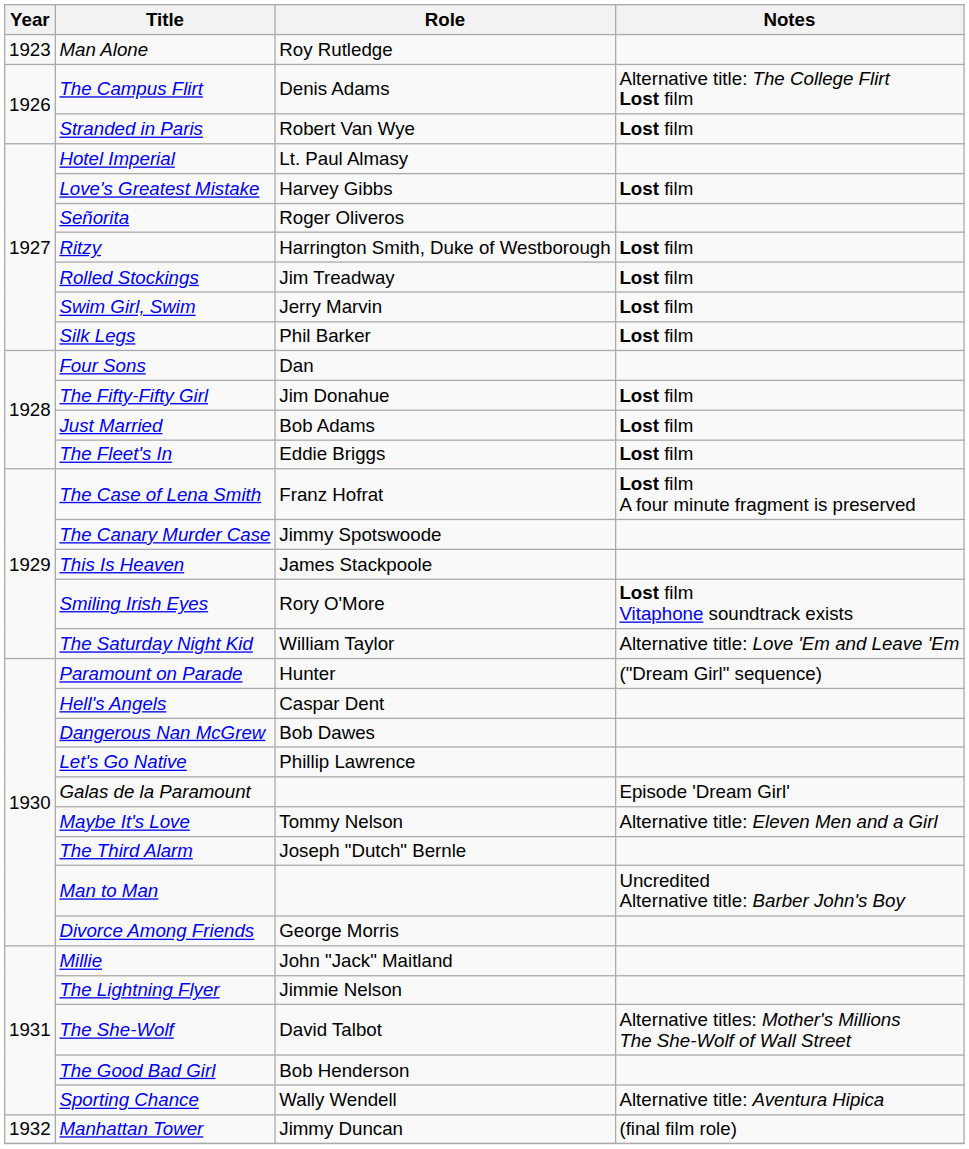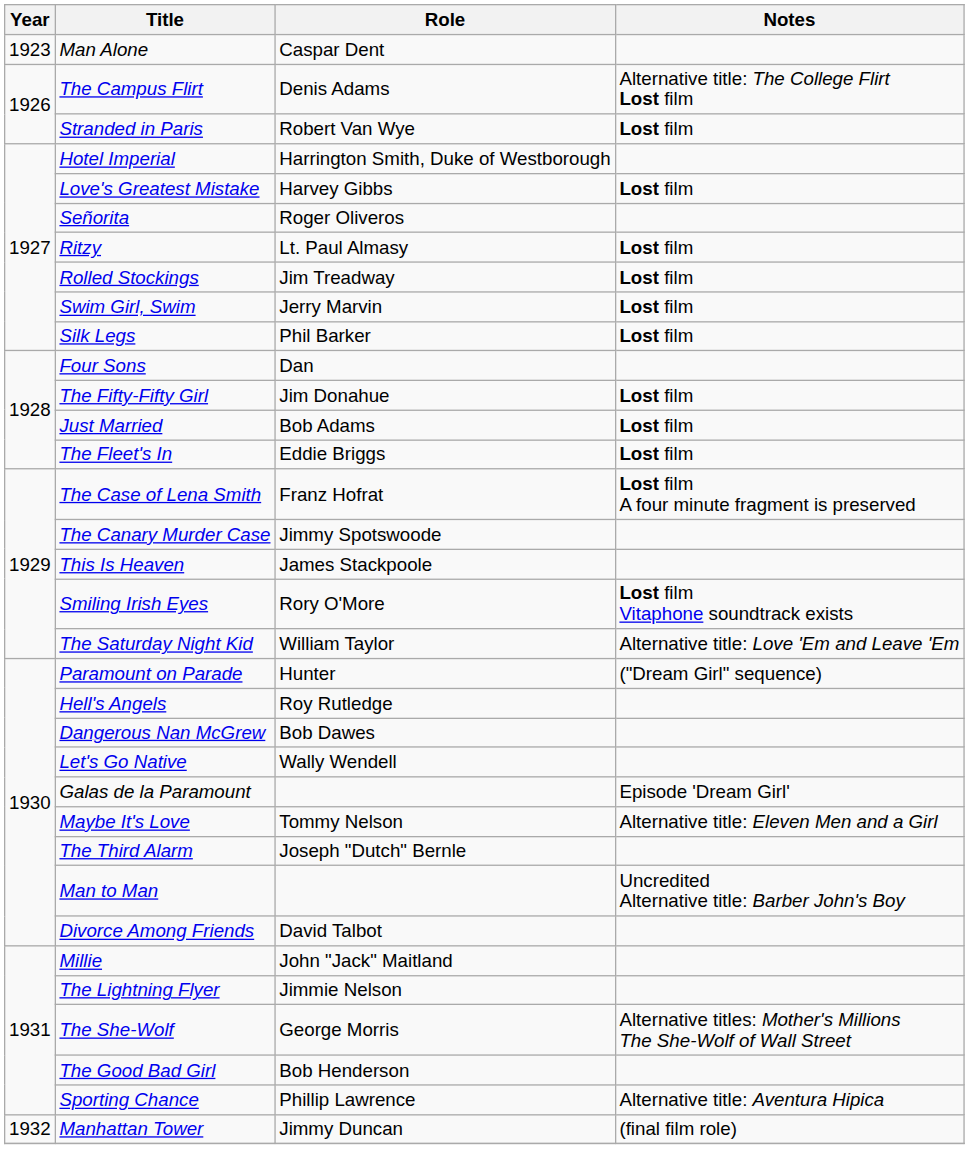 <table class="wikitable" style="font-size: 90%;">
 <tr>
 <th>Year</th>
 <th>Title</th>
 <th>Role</th>
 <th>Notes</th>
 </tr>
 <tr>
 <td>1923</td>
 <td><em>Man Alone</em></td>
-<td>Roy Rutledge</td>
+<td>Caspar Dent</td>
 <td></td>
 </tr>
 <tr>
 <td rowspan=2>1926</td>
 <td><em><a href='#'>The Campus Flirt</a></em></td>
 <td>Denis Adams</td>
 <td>Alternative title: <em>The College Flirt</em> <br> <strong>Lost</strong> film</td>
 </tr>
 <tr>
 <td><em><a href='#'>Stranded in Paris</a></em></td>
 <td>Robert Van Wye</td>
 <td><strong>Lost</strong> film</td>
 </tr>
 <tr>
 <td rowspan=7>1927</td>
 <td><em><a href='#'>Hotel Imperial</a></em></td>
-<td>Lt. Paul Almasy</td>
+<td>Harrington Smith, Duke of Westborough</td>
 <td></td>
 </tr>
 <tr>
 <td><em><a href='#'>Love's Greatest Mistake</a></em></td>
 <td>Harvey Gibbs</td>
 <td><strong>Lost</strong> film</td>
 </tr>
 <tr>
 <td><em><a href='#'>Señorita</a></em></td>
 <td>Roger Oliveros</td>
 <td></td>
 </tr>
 <tr>
 <td><em><a href='#'>Ritzy</a></em></td>
-<td>Harrington Smith, Duke of Westborough</td>
+<td>Lt. Paul Almasy</td>
 <td><strong>Lost</strong> film</td>
 </tr>
 <tr>
 <td><em><a href='#'>Rolled Stockings</a></em></td>
 <td>Jim Treadway</td>
 <td><strong>Lost</strong> film</td>
 </tr>
 <tr>
 <td><em><a href='#'>Swim Girl, Swim</a></em></td>
 <td>Jerry Marvin</td>
 <td><strong>Lost</strong> film</td>
 </tr>
 <tr>
 <td><em><a href='#'>Silk Legs</a></em></td>
 <td>Phil Barker</td>
 <td><strong>Lost</strong> film</td>
 </tr>
 <tr>
 <td rowspan=4>1928</td>
 <td><em><a href='#'>Four Sons</a></em></td>
 <td>Dan</td>
 <td></td>
 </tr>
 <tr>
 <td><em><a href='#'>The Fifty-Fifty Girl</a></em></td>
 <td>Jim Donahue</td>
 <td><strong>Lost</strong> film</td>
 </tr>
 <tr>
 <td><em><a href='#'>Just Married</a></em></td>
 <td>Bob Adams</td>
 <td><strong>Lost</strong> film</td>
 </tr>
 <tr>
 <td><em><a href='#'>The Fleet's In</a></em></td>
 <td>Eddie Briggs</td>
 <td><strong>Lost</strong> film</td>
 </tr>
 <tr>
 <td rowspan=5>1929</td>
 <td><em><a href='#'>The Case of Lena Smith</a></em></td>
 <td>Franz Hofrat</td>
 <td><strong>Lost</strong> film <br> A four minute fragment is preserved</td>
 </tr>
 <tr>
 <td><em><a href='#'>The Canary Murder Case</a></em></td>
 <td>Jimmy Spotswoode</td>
 <td></td>
 </tr>
 <tr>
 <td><em><a href='#'>This Is Heaven</a></em></td>
 <td>James Stackpoole</td>
 <td></td>
 </tr>
 <tr>
 <td><em><a href='#'>Smiling Irish Eyes</a></em></td>
 <td>Rory O'More</td>
 <td><strong>Lost</strong> film <br> <a href='#'>Vitaphone</a> soundtrack exists</td>
 </tr>
 <tr>
 <td><em><a href='#'>The Saturday Night Kid</a></em></td>
 <td>William Taylor</td>
 <td>Alternative title: <em>Love 'Em and Leave 'Em</em></td>
 </tr>
 <tr>
 <td rowspan=9>1930</td>
 <td><em><a href='#'>Paramount on Parade</a></em></td>
 <td>Hunter</td>
 <td>("Dream Girl" sequence)</td>
 </tr>
 <tr>
 <td><em><a href='#'>Hell's Angels</a></em></td>
-<td>Caspar Dent</td>
+<td>Roy Rutledge</td>
 <td></td>
 </tr>
 <tr>
 <td><em><a href='#'>Dangerous Nan McGrew</a></em></td>
 <td>Bob Dawes</td>
 <td></td>
 </tr>
 <tr>
 <td><em><a href='#'>Let's Go Native</a></em></td>
-<td>Phillip Lawrence</td>
+<td>Wally Wendell</td>
 <td></td>
 </tr>
 <tr>
 <td><em>Galas de la Paramount</em></td>
 <td></td>
 <td>Episode 'Dream Girl'</td>
 </tr>
 <tr>
 <td><em><a href='#'>Maybe It's Love</a></em></td>
 <td>Tommy Nelson</td>
 <td>Alternative title: <em>Eleven Men and a Girl</em></td>
 </tr>
 <tr>
 <td><em><a href='#'>The Third Alarm</a></em></td>
 <td>Joseph "Dutch" Bernle</td>
 <td></td>
 </tr>
 <tr>
 <td><em><a href='#'>Man to Man</a></em></td>
 <td></td>
 <td>Uncredited<br>Alternative title: <em>Barber John's Boy</em></td>
 </tr>
 <tr>
 <td><em><a href='#'>Divorce Among Friends</a></em></td>
-<td>George Morris</td>
+<td>David Talbot</td>
 <td></td>
 </tr>
 <tr>
 <td rowspan=5>1931</td>
 <td><em><a href='#'>Millie</a></em></td>
 <td>John "Jack" Maitland</td>
 <td></td>
 </tr>
 <tr>
 <td><em><a href='#'>The Lightning Flyer</a></em></td>
 <td>Jimmie Nelson</td>
 <td></td>
 </tr>
 <tr>
 <td><em><a href='#'>The She-Wolf</a></em></td>
-<td>David Talbot</td>
+<td>George Morris</td>
 <td>Alternative titles: <em>Mother's Millions</em><br><em>The She-Wolf of Wall Street</em></td>
 </tr>
 <tr>
 <td><em><a href='#'>The Good Bad Girl</a></em></td>
 <td>Bob Henderson</td>
 <td></td>
 </tr>
 <tr>
 <td><em><a href='#'>Sporting Chance</a></em></td>
-<td>Wally Wendell</td>
+<td>Phillip Lawrence</td>
 <td>Alternative title: <em>Aventura Hipica</em></td>
 </tr>
 <tr>
 <td>1932</td>
 <td><em><a href='#'>Manhattan Tower</a></em></td>
 <td>Jimmy Duncan</td>
 <td>(final film role)</td>
 </tr>
 <tr>
 </tr>
 </table>
